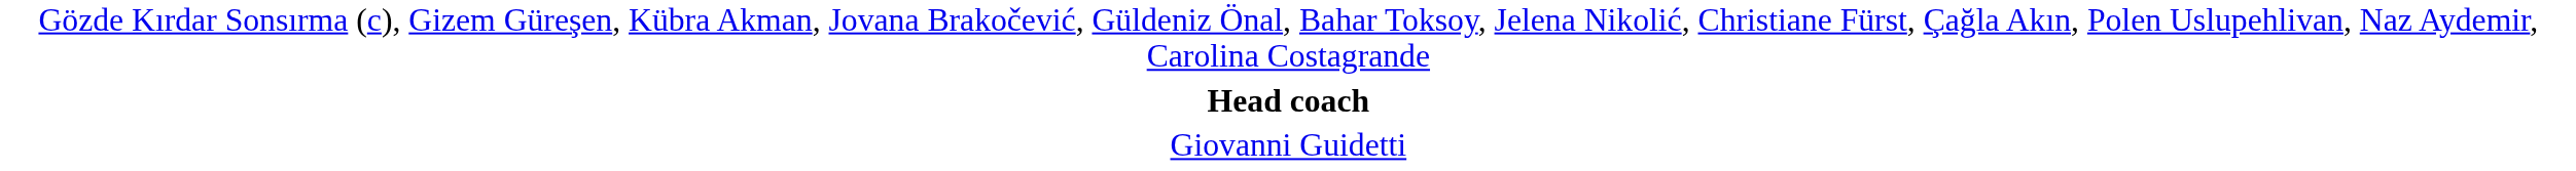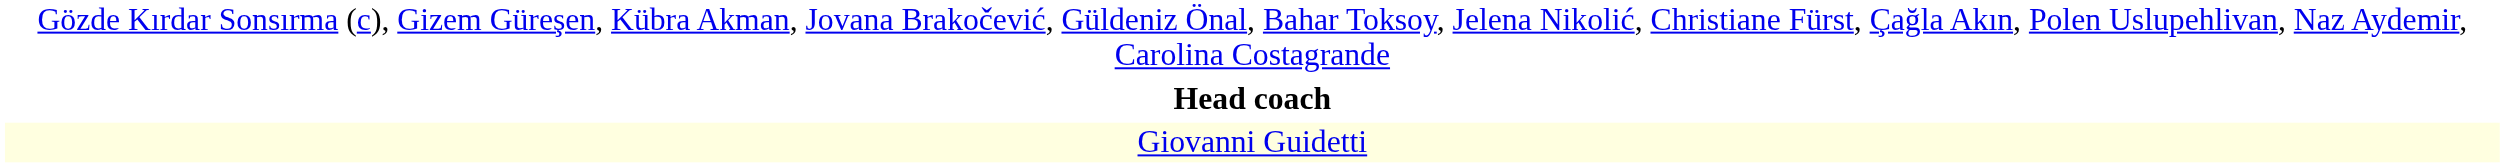 <table style="text-align: center; margin-top: 2em; margin-left: auto; margin-right: auto">
 <tr>
 <td><a href='#'>Gözde Kırdar Sonsırma</a> (<a href='#'>c</a>), <a href='#'>Gizem Güreşen</a>, <a href='#'>Kübra Akman</a>, <a href='#'>Jovana Brakočević</a>, <a href='#'>Güldeniz Önal</a>, <a href='#'>Bahar Toksoy</a>, <a href='#'>Jelena Nikolić</a>, <a href='#'>Christiane Fürst</a>, <a href='#'>Çağla Akın</a>, <a href='#'>Polen Uslupehlivan</a>, <a href='#'>Naz Aydemir</a>, <a href='#'>Carolina Costagrande</a></td>
 </tr>
 <tr>
 <td><strong>Head coach</strong></td>
 </tr>
 <tr>
-<td><a href='#'>Giovanni Guidetti</a></td>
+<td style="background: lightyellow;"><a href='#'>Giovanni Guidetti</a></td>
 </tr>
 </table>
